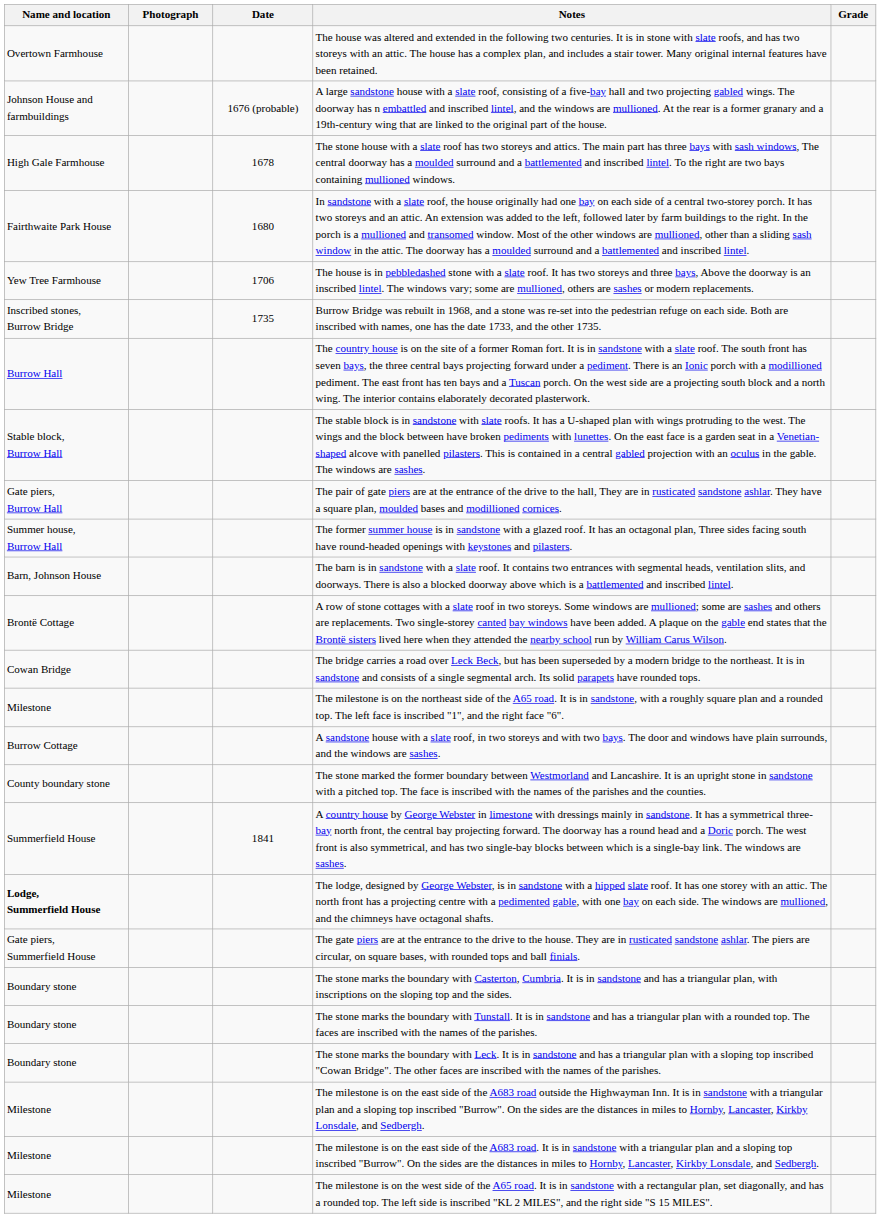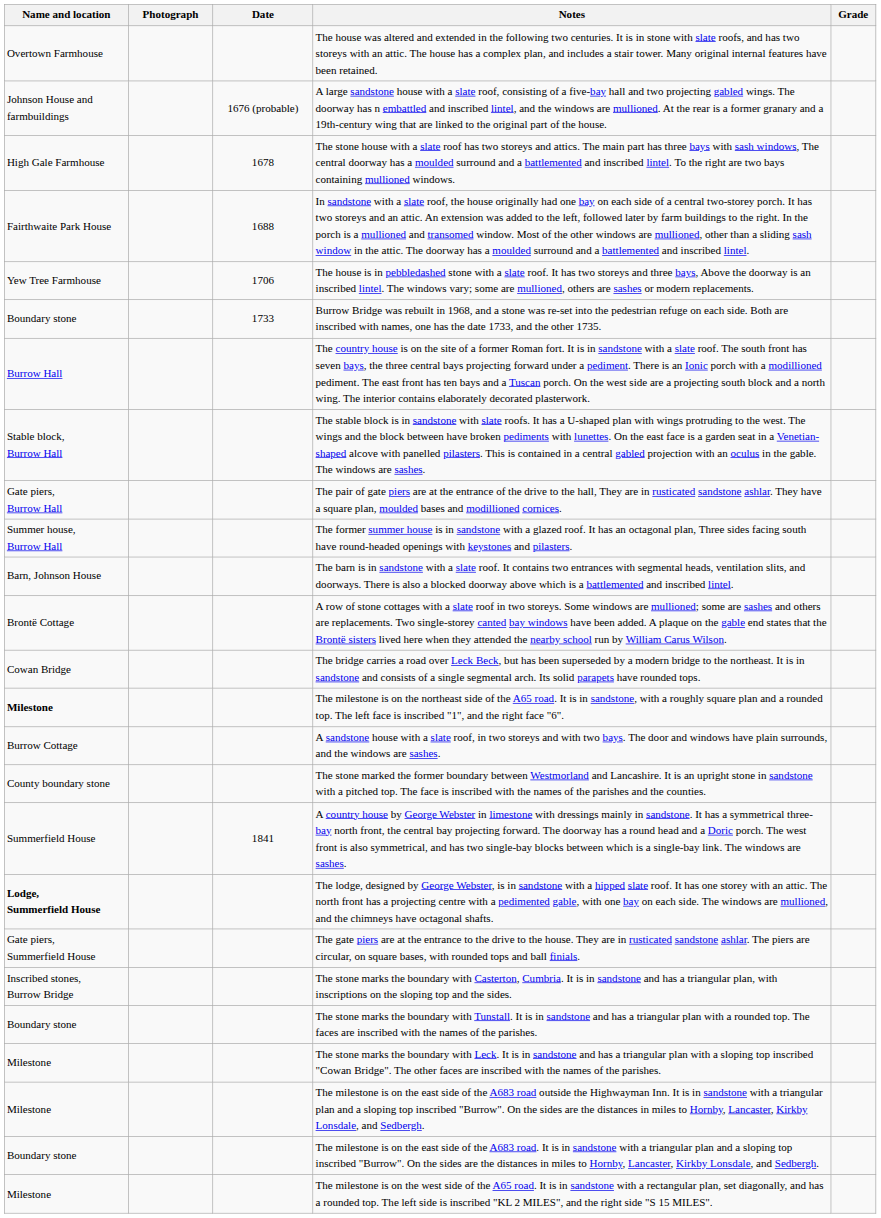 <table class="wikitable sortable plainrowheaders" style="width:100%;border:0px;text-align:left;line-height:150%;">
 <tr>
 <th scope="col"  style="width:150px">Name and location</th>
 <th scope="col"  style="width:100px" class="unsortable">Photograph</th>
 <th scope="col"  style="width:120px">Date</th>
 <th scope="col"  style="width:650px" class="unsortable">Notes</th>
 <th scope="col"  style="width:50px">Grade</th>
 </tr>
 <tr>
 <td>Overtown Farmhouse<br><small></small></td>
 <td></td>
 <td align="center"></td>
 <td>The house was altered and extended in the following two centuries.  It is in stone with <a href='#'>slate</a> roofs, and has two storeys with an attic.  The house has a complex plan, and includes a stair tower.  Many original internal features have been retained.</td>
 <td align="center" ></td>
 </tr>
 <tr>
 <td>Johnson House and farmbuildings<br><small></small></td>
 <td></td>
 <td align="center">1676 (probable)</td>
 <td>A large <a href='#'>sandstone</a> house with a <a href='#'>slate</a> roof, consisting of a five-<a href='#'>bay</a> hall and two projecting <a href='#'>gabled</a> wings.  The doorway has n <a href='#'>embattled</a> and inscribed <a href='#'>lintel</a>, and the windows are <a href='#'>mullioned</a>.  At the rear is a former granary and a 19th-century wing that are linked to the original part of the house.</td>
 <td align="center" ></td>
 </tr>
 <tr>
 <td>High Gale Farmhouse<br><small></small></td>
 <td></td>
 <td align="center">1678</td>
 <td>The stone house with a <a href='#'>slate</a> roof has two storeys and attics.  The main part has three <a href='#'>bays</a> with <a href='#'>sash windows</a>,  The central doorway has a <a href='#'>moulded</a> surround and a <a href='#'>battlemented</a> and inscribed <a href='#'>lintel</a>.  To the right are two bays containing <a href='#'>mullioned</a> windows.</td>
 <td align="center" ></td>
 </tr>
 <tr>
 <td>Fairthwaite Park House<br><small></small></td>
 <td></td>
-<td align="center">1680</td>
+<td align="center">1688</td>
 <td>In <a href='#'>sandstone</a> with a <a href='#'>slate</a> roof, the house originally had one <a href='#'>bay</a> on each side of a central two-storey porch.  It has two storeys and an attic.  An extension was added to the left, followed later by farm buildings to the right.  In the porch is a <a href='#'>mullioned</a> and <a href='#'>transomed</a> window.  Most of the other windows are <a href='#'>mullioned</a>, other than a sliding <a href='#'>sash window</a> in the attic.  The doorway has a <a href='#'>moulded</a> surround and a <a href='#'>battlemented</a> and inscribed <a href='#'>lintel</a>.</td>
 <td align="center" ></td>
 </tr>
 <tr>
 <td>Yew Tree Farmhouse<br><small></small></td>
 <td></td>
 <td align="center">1706</td>
 <td>The house is in <a href='#'>pebbledashed</a> stone with a <a href='#'>slate</a> roof.  It has two storeys and three <a href='#'>bays</a>,  Above the doorway is an inscribed <a href='#'>lintel</a>.  The windows vary; some are <a href='#'>mullioned</a>, others are <a href='#'>sashes</a> or modern replacements.</td>
 <td align="center" ></td>
 </tr>
 <tr>
-<td>Inscribed stones,<br>Burrow Bridge<br><small></small></td>
+<td>Boundary stone<br><small></small></td>
 <td></td>
-<td align="center">1735</td>
+<td align="center">1733</td>
 <td>Burrow Bridge was rebuilt in 1968, and a stone was re-set into the pedestrian refuge on each side.  Both are inscribed with names, one has the date 1733, and the other 1735.</td>
 <td align="center" ></td>
 </tr>
 <tr>
 <td><a href='#'>Burrow Hall</a><br><small></small></td>
 <td></td>
 <td align="center"></td>
 <td>The <a href='#'>country house</a> is on the site of a former Roman fort.  It is in <a href='#'>sandstone</a> with a <a href='#'>slate</a> roof.  The south front has seven <a href='#'>bays</a>, the three central bays projecting forward under a <a href='#'>pediment</a>.  There is an <a href='#'>Ionic</a> porch with a <a href='#'>modillioned</a> pediment.  The east front has ten bays and a <a href='#'>Tuscan</a> porch.  On the west side are a projecting south block and a north wing.  The interior contains elaborately decorated plasterwork.</td>
 <td align="center" ></td>
 </tr>
 <tr>
 <td>Stable block,<br><a href='#'>Burrow Hall</a><br><small></small></td>
 <td></td>
 <td align="center"></td>
 <td>The stable block is in <a href='#'>sandstone</a> with <a href='#'>slate</a> roofs.  It has a U-shaped plan with wings protruding to the west.  The wings and the block between have broken <a href='#'>pediments</a> with <a href='#'>lunettes</a>.  On the east face is a garden seat in a <a href='#'>Venetian-shaped</a> alcove with panelled <a href='#'>pilasters</a>.  This is contained in a central <a href='#'>gabled</a> projection with an <a href='#'>oculus</a> in the gable.  The windows are <a href='#'>sashes</a>.</td>
 <td align="center" ></td>
 </tr>
 <tr>
 <td>Gate piers,<br><a href='#'>Burrow Hall</a><br><small></small></td>
 <td></td>
 <td align="center"></td>
 <td>The pair of gate <a href='#'>piers</a> are at the entrance of the drive to the hall,  They are in <a href='#'>rusticated</a> <a href='#'>sandstone</a> <a href='#'>ashlar</a>.  They have a square plan, <a href='#'>moulded</a> bases and <a href='#'>modillioned</a> <a href='#'>cornices</a>.</td>
 <td align="center" ></td>
 </tr>
 <tr>
 <td>Summer house,<br><a href='#'>Burrow Hall</a><br><small></small></td>
 <td></td>
 <td align="center"></td>
 <td>The former <a href='#'>summer house</a> is in <a href='#'>sandstone</a> with a glazed roof.  It has an octagonal plan,  Three sides facing south have round-headed openings with <a href='#'>keystones</a> and <a href='#'>pilasters</a>.</td>
 <td align="center" ></td>
 </tr>
 <tr>
 <td>Barn, Johnson House<br><small></small></td>
 <td></td>
 <td align="center"></td>
 <td>The barn is in <a href='#'>sandstone</a> with a <a href='#'>slate</a> roof.  It contains two entrances with segmental heads, ventilation slits, and doorways.  There is also a blocked doorway above which is a <a href='#'>battlemented</a> and inscribed <a href='#'>lintel</a>.</td>
 <td align="center" ></td>
 </tr>
 <tr>
 <td>Brontë Cottage<br><small></small></td>
 <td></td>
 <td align="center"></td>
 <td>A row of stone cottages with a <a href='#'>slate</a> roof in two storeys.  Some windows are <a href='#'>mullioned</a>; some are <a href='#'>sashes</a> and others are replacements.  Two single-storey <a href='#'>canted</a> <a href='#'>bay windows</a> have been added.  A plaque on the <a href='#'>gable</a> end states that the <a href='#'>Brontë sisters</a> lived here when they attended the <a href='#'>nearby school</a> run by <a href='#'>William Carus Wilson</a>.</td>
 <td align="center" ></td>
 </tr>
 <tr>
 <td>Cowan Bridge<br><small></small></td>
 <td></td>
 <td align="center"></td>
 <td>The bridge carries a road over <a href='#'>Leck Beck</a>, but has been superseded by a modern bridge to the northeast.  It is in <a href='#'>sandstone</a> and consists of a single segmental arch.  Its solid <a href='#'>parapets</a> have rounded tops.</td>
 <td align="center" ></td>
 </tr>
 <tr>
-<td>Milestone<br><small></small></td>
+<td><strong>Milestone<br><small></small></strong></td>
 <td></td>
 <td align="center"></td>
 <td>The milestone is on the northeast side of the <a href='#'>A65 road</a>.  It is in <a href='#'>sandstone</a>, with a roughly square plan and a rounded top.  The left face is inscribed "1", and the right face "6".</td>
 <td align="center" ></td>
 </tr>
 <tr>
 <td>Burrow Cottage<br><small></small></td>
 <td></td>
 <td align="center"></td>
 <td>A <a href='#'>sandstone</a> house with a <a href='#'>slate</a> roof, in two storeys and with two <a href='#'>bays</a>.  The door and windows have plain surrounds, and the windows are <a href='#'>sashes</a>.</td>
 <td align="center" ></td>
 </tr>
 <tr>
 <td>County boundary stone<br><small></small></td>
 <td></td>
 <td align="center"></td>
 <td>The stone marked the former boundary between <a href='#'>Westmorland</a> and Lancashire.  It is an upright stone in <a href='#'>sandstone</a> with a pitched top.  The face is inscribed with the names of the parishes and the counties.</td>
 <td align="center" ></td>
 </tr>
 <tr>
 <td>Summerfield House<br><small></small></td>
 <td></td>
 <td align="center">1841</td>
 <td>A <a href='#'>country house</a> by <a href='#'>George Webster</a> in <a href='#'>limestone</a> with dressings mainly in <a href='#'>sandstone</a>.  It has a symmetrical three-<a href='#'>bay</a> north front, the central bay projecting forward.  The doorway has a round head and a <a href='#'>Doric</a> porch.  The west front is also symmetrical, and has two single-bay blocks between which is a single-bay link.  The windows are <a href='#'>sashes</a>.</td>
 <td align="center" ></td>
 </tr>
 <tr>
 <td><strong>Lodge,<br>Summerfield House<br><small></small></strong></td>
 <td></td>
 <td align="center"></td>
 <td>The lodge, designed by <a href='#'>George Webster</a>, is in <a href='#'>sandstone</a> with a <a href='#'>hipped</a> <a href='#'>slate</a> roof.  It has one storey with an attic.  The north front has a projecting centre with a <a href='#'>pedimented</a> <a href='#'>gable</a>, with one <a href='#'>bay</a> on each side.  The windows are <a href='#'>mullioned</a>, and the chimneys have octagonal shafts.</td>
 <td align="center" ></td>
 </tr>
 <tr>
 <td>Gate piers,<br>Summerfield House<br><small></small></td>
 <td></td>
 <td align="center"></td>
 <td>The gate <a href='#'>piers</a> are at the entrance to the drive to the house.  They are in <a href='#'>rusticated</a> <a href='#'>sandstone</a> <a href='#'>ashlar</a>.  The piers are circular, on square bases, with rounded tops and ball <a href='#'>finials</a>.</td>
 <td align="center" ></td>
 </tr>
 <tr>
-<td>Boundary stone<br><small></small></td>
+<td>Inscribed stones,<br>Burrow Bridge<br><small></small></td>
 <td></td>
 <td align="center"></td>
 <td>The stone marks the boundary with <a href='#'>Casterton</a>, <a href='#'>Cumbria</a>.  It is in <a href='#'>sandstone</a> and has a triangular plan, with inscriptions on the sloping top and the sides.</td>
 <td align="center" ></td>
 </tr>
 <tr>
 <td>Boundary stone<br><small></small></td>
 <td></td>
 <td align="center"></td>
 <td>The stone marks the boundary with <a href='#'>Tunstall</a>.  It is in <a href='#'>sandstone</a> and has a triangular plan with a rounded top.  The faces are inscribed with the names of the parishes.</td>
 <td align="center" ></td>
 </tr>
 <tr>
-<td>Boundary stone<br><small></small></td>
+<td>Milestone<br><small></small></td>
 <td></td>
 <td align="center"></td>
 <td>The stone marks the boundary with <a href='#'>Leck</a>.  It is in <a href='#'>sandstone</a> and has a triangular plan with a sloping top inscribed "Cowan Bridge".  The other faces are inscribed with the names of the parishes.</td>
 <td align="center" ></td>
 </tr>
 <tr>
 <td>Milestone<br><small></small></td>
 <td></td>
 <td align="center"></td>
 <td>The milestone is on the east side of the <a href='#'>A683 road</a> outside the Highwayman Inn.  It is in <a href='#'>sandstone</a> with a triangular plan and a sloping top inscribed "Burrow".  On the sides are the distances in miles to <a href='#'>Hornby</a>, <a href='#'>Lancaster</a>, <a href='#'>Kirkby Lonsdale</a>, and <a href='#'>Sedbergh</a>.</td>
 <td align="center" ></td>
 </tr>
 <tr>
-<td>Milestone<br><small></small></td>
+<td>Boundary stone<br><small></small></td>
 <td></td>
 <td align="center"></td>
 <td>The milestone is on the east side of the <a href='#'>A683 road</a>.  It is in <a href='#'>sandstone</a> with a triangular plan and a sloping top inscribed "Burrow".  On the sides are the distances in miles to <a href='#'>Hornby</a>, <a href='#'>Lancaster</a>, <a href='#'>Kirkby Lonsdale</a>, and <a href='#'>Sedbergh</a>.</td>
 <td align="center" ></td>
 </tr>
 <tr>
 <td>Milestone<br><small></small></td>
 <td></td>
 <td align="center"></td>
 <td>The milestone is on the west side of the <a href='#'>A65 road</a>.  It is in <a href='#'>sandstone</a> with a rectangular plan, set diagonally, and has a rounded top.  The left side is inscribed "KL 2 MILES", and the right side "S 15 MILES".</td>
 <td align="center" ></td>
 </tr>
 <tr>
 </tr>
 </table>
